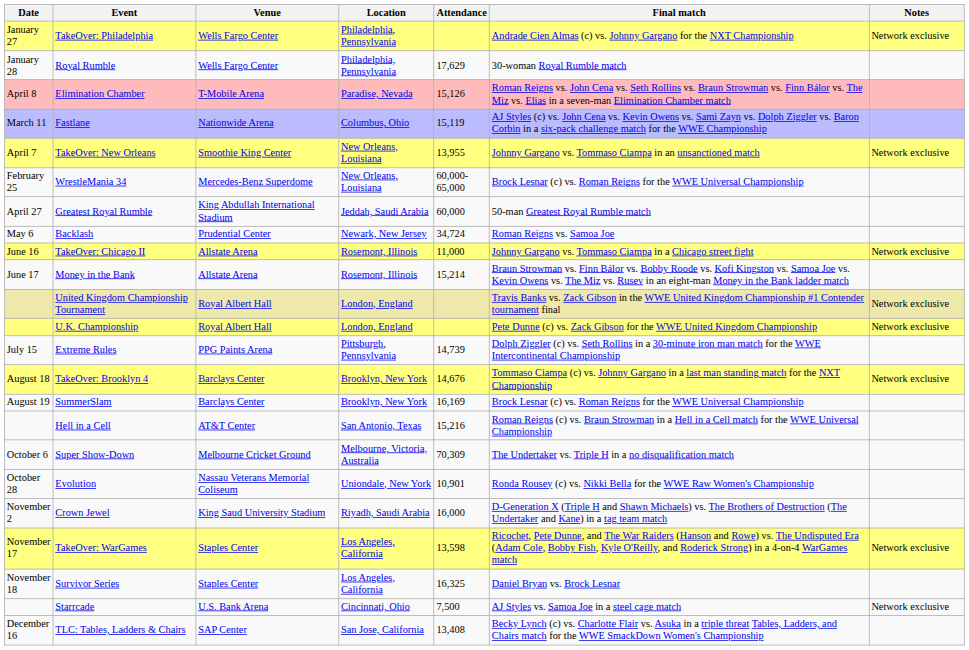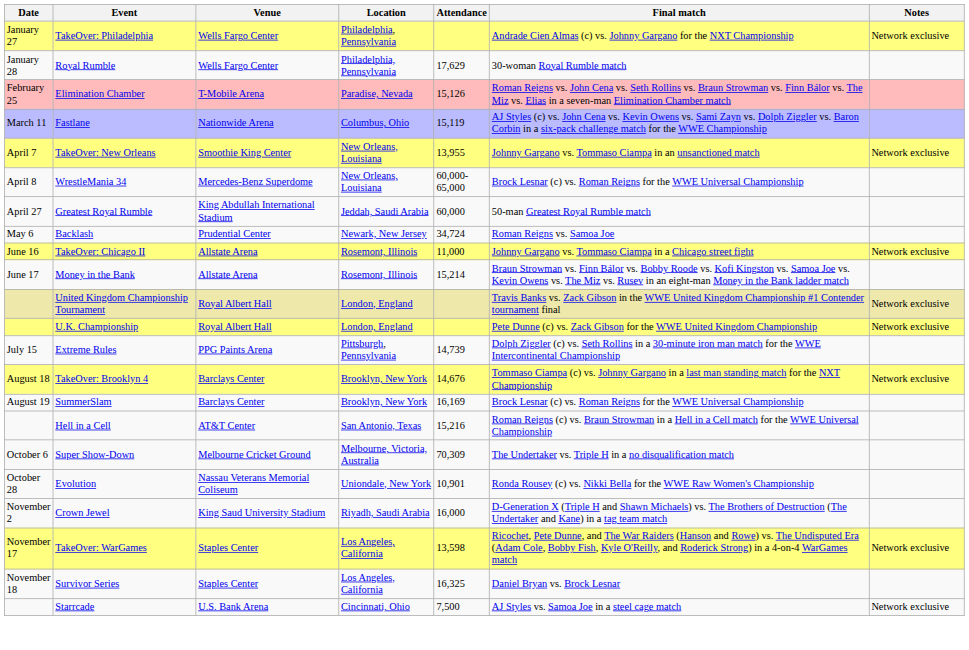 <table id="Past_events_2018" class="sortable wikitable succession-box" style="font-size:85%; width:100%">
 <tr>
 <th scope="col" style="width:5%;">Date</th>
 <th scope="col" style="width:15%;">Event</th>
 <th scope="col" style="width:15%;">Venue</th>
 <th scope="col" style="width:10%;">Location</th>
 <th scope="col" style="width:5%;">Attendance</th>
 <th scope="col" style="width:40%;">Final match</th>
 <th scope="col" style="width:10%;">Notes</th>
 </tr>
 <tr style="background: #FFFF80;">
 <td>January 27</td>
 <td><a href='#'>TakeOver: Philadelphia</a></td>
 <td><a href='#'>Wells Fargo Center</a></td>
 <td><a href='#'>Philadelphia</a>, <a href='#'>Pennsylvania</a></td>
 <td></td>
 <td><a href='#'>Andrade Cien Almas</a> (c) vs. <a href='#'>Johnny Gargano</a> for the <a href='#'>NXT Championship</a></td>
 <td>Network exclusive</td>
 </tr>
 <tr>
 <td>January 28</td>
 <td><a href='#'>Royal Rumble</a></td>
 <td><a href='#'>Wells Fargo Center</a></td>
 <td><a href='#'>Philadelphia, Pennsylvania</a></td>
 <td>17,629</td>
 <td>30-woman <a href='#'>Royal Rumble match</a></td>
 <td></td>
 </tr>
 <tr style="background: #FBB;">
-<td>April 8</td>
+<td>February 25</td>
 <td><a href='#'>Elimination Chamber</a></td>
 <td><a href='#'>T-Mobile Arena</a></td>
 <td><a href='#'>Paradise, Nevada</a></td>
 <td>15,126</td>
 <td><a href='#'>Roman Reigns</a> vs. <a href='#'>John Cena</a> vs. <a href='#'>Seth Rollins</a> vs. <a href='#'>Braun Strowman</a> vs. <a href='#'>Finn Bálor</a> vs. <a href='#'>The Miz</a> vs. <a href='#'>Elias</a> in a seven-man <a href='#'>Elimination Chamber match</a></td>
 <td></td>
 </tr>
 <tr style="background: #BBF;">
 <td>March 11</td>
 <td><a href='#'>Fastlane</a></td>
 <td><a href='#'>Nationwide Arena</a></td>
 <td><a href='#'>Columbus, Ohio</a></td>
 <td>15,119</td>
 <td><a href='#'>AJ Styles</a> (c) vs. <a href='#'>John Cena</a> vs. <a href='#'>Kevin Owens</a> vs. <a href='#'>Sami Zayn</a> vs. <a href='#'>Dolph Ziggler</a> vs. <a href='#'>Baron Corbin</a> in a <a href='#'>six-pack challenge match</a> for the <a href='#'>WWE Championship</a></td>
 <td></td>
 </tr>
 <tr style="background: #FFFF80;">
 <td>April 7</td>
 <td><a href='#'>TakeOver: New Orleans</a></td>
 <td><a href='#'>Smoothie King Center</a></td>
 <td><a href='#'>New Orleans, Louisiana</a></td>
 <td>13,955</td>
 <td><a href='#'>Johnny Gargano</a> vs. <a href='#'>Tommaso Ciampa</a> in an <a href='#'>unsanctioned match</a></td>
 <td>Network exclusive</td>
 </tr>
 <tr>
-<td>February 25</td>
+<td>April 8</td>
 <td><a href='#'>WrestleMania 34</a></td>
 <td><a href='#'>Mercedes-Benz Superdome</a></td>
 <td><a href='#'>New Orleans, Louisiana</a></td>
 <td>60,000-65,000</td>
 <td><a href='#'>Brock Lesnar</a> (c) vs. <a href='#'>Roman Reigns</a> for the <a href='#'>WWE Universal Championship</a></td>
 <td></td>
 </tr>
 <tr>
 <td>April 27</td>
 <td><a href='#'>Greatest Royal Rumble</a></td>
 <td><a href='#'>King Abdullah International Stadium</a></td>
 <td><a href='#'>Jeddah, Saudi Arabia</a></td>
 <td>60,000</td>
 <td>50-man <a href='#'>Greatest Royal Rumble match</a></td>
 <td></td>
 </tr>
 <tr>
 <td>May 6</td>
 <td><a href='#'>Backlash</a></td>
 <td><a href='#'>Prudential Center</a></td>
 <td><a href='#'>Newark, New Jersey</a></td>
 <td>34,724</td>
 <td><a href='#'>Roman Reigns</a> vs. <a href='#'>Samoa Joe</a></td>
 <td></td>
 </tr>
 <tr style="background: #FFFF80;">
 <td>June 16</td>
 <td><a href='#'>TakeOver: Chicago II</a></td>
 <td><a href='#'>Allstate Arena</a></td>
 <td><a href='#'>Rosemont, Illinois</a></td>
 <td>11,000</td>
 <td><a href='#'>Johnny Gargano</a> vs. <a href='#'>Tommaso Ciampa</a> in a <a href='#'>Chicago street fight</a></td>
 <td>Network exclusive</td>
 </tr>
 <tr>
 <td>June 17</td>
 <td><a href='#'>Money in the Bank</a></td>
 <td><a href='#'>Allstate Arena</a></td>
 <td><a href='#'>Rosemont, Illinois</a></td>
 <td>15,214</td>
 <td><a href='#'>Braun Strowman</a> vs. <a href='#'>Finn Bálor</a> vs. <a href='#'>Bobby Roode</a> vs. <a href='#'>Kofi Kingston</a> vs. <a href='#'>Samoa Joe</a> vs. <a href='#'>Kevin Owens</a> vs. <a href='#'>The Miz</a> vs. <a href='#'>Rusev</a> in an eight-man <a href='#'>Money in the Bank ladder match</a></td>
 <td></td>
 </tr>
 <tr style="background: #EEE8AA">
 <td></td>
 <td><a href='#'>United Kingdom Championship Tournament</a></td>
 <td><a href='#'>Royal Albert Hall</a></td>
 <td><a href='#'>London, England</a></td>
 <td></td>
 <td><a href='#'>Travis Banks</a> vs. <a href='#'>Zack Gibson</a> in the <a href='#'>WWE United Kingdom Championship #1 Contender tournament</a> final</td>
 <td>Network exclusive</td>
 </tr>
 <tr style="background: #FFFF80;">
 <td></td>
 <td><a href='#'>U.K. Championship</a></td>
 <td><a href='#'>Royal Albert Hall</a></td>
 <td><a href='#'>London, England</a></td>
 <td></td>
 <td><a href='#'>Pete Dunne</a> (c) vs. <a href='#'>Zack Gibson</a> for the <a href='#'>WWE United Kingdom Championship</a></td>
 <td>Network exclusive</td>
 </tr>
 <tr>
 <td>July 15</td>
 <td><a href='#'>Extreme Rules</a></td>
 <td><a href='#'>PPG Paints Arena</a></td>
 <td><a href='#'>Pittsburgh</a>, <a href='#'>Pennsylvania</a></td>
 <td>14,739</td>
 <td><a href='#'>Dolph Ziggler</a> (c) vs. <a href='#'>Seth Rollins</a> in a <a href='#'>30-minute iron man match</a> for the <a href='#'>WWE Intercontinental Championship</a></td>
 <td></td>
 </tr>
 <tr style="background: #FFFF80;">
 <td>August 18</td>
 <td><a href='#'>TakeOver: Brooklyn 4</a></td>
 <td><a href='#'>Barclays Center</a></td>
 <td><a href='#'>Brooklyn, New York</a></td>
 <td>14,676</td>
 <td><a href='#'>Tommaso Ciampa</a> (c) vs. <a href='#'>Johnny Gargano</a> in a <a href='#'>last man standing match</a> for the <a href='#'>NXT Championship</a></td>
 <td>Network exclusive</td>
 </tr>
 <tr>
 <td>August 19</td>
 <td><a href='#'>SummerSlam</a></td>
 <td><a href='#'>Barclays Center</a></td>
 <td><a href='#'>Brooklyn, New York</a></td>
 <td>16,169</td>
 <td><a href='#'>Brock Lesnar</a> (c) vs. <a href='#'>Roman Reigns</a> for the <a href='#'>WWE Universal Championship</a></td>
 <td></td>
 </tr>
 <tr>
 <td></td>
 <td><a href='#'>Hell in a Cell</a></td>
 <td><a href='#'>AT&T Center</a></td>
 <td><a href='#'>San Antonio, Texas</a></td>
 <td>15,216</td>
 <td><a href='#'>Roman Reigns</a> (c) vs. <a href='#'>Braun Strowman</a> in a <a href='#'>Hell in a Cell match</a> for the <a href='#'>WWE Universal Championship</a></td>
 <td></td>
 </tr>
 <tr>
 <td>October 6</td>
 <td><a href='#'>Super Show-Down</a></td>
 <td><a href='#'>Melbourne Cricket Ground</a></td>
 <td><a href='#'>Melbourne, Victoria, Australia</a></td>
 <td>70,309</td>
 <td><a href='#'>The Undertaker</a> vs. <a href='#'>Triple H</a> in a <a href='#'>no disqualification match</a></td>
 <td></td>
 </tr>
 <tr>
 <td>October 28</td>
 <td><a href='#'>Evolution</a></td>
 <td><a href='#'>Nassau Veterans Memorial Coliseum</a></td>
 <td><a href='#'>Uniondale, New York</a></td>
 <td>10,901</td>
 <td><a href='#'>Ronda Rousey</a> (c) vs. <a href='#'>Nikki Bella</a> for the <a href='#'>WWE Raw Women's Championship</a></td>
 <td></td>
 </tr>
 <tr>
 <td>November 2</td>
 <td><a href='#'>Crown Jewel</a></td>
 <td><a href='#'>King Saud University Stadium</a></td>
 <td><a href='#'>Riyadh, Saudi Arabia</a></td>
 <td>16,000</td>
 <td><a href='#'>D-Generation X</a> (<a href='#'>Triple H</a> and <a href='#'>Shawn Michaels</a>) vs. <a href='#'>The Brothers of Destruction</a> (<a href='#'>The Undertaker</a> and <a href='#'>Kane</a>) in a <a href='#'>tag team match</a></td>
 <td></td>
 </tr>
 <tr style="background: #FFFF80;">
 <td>November 17</td>
 <td><a href='#'>TakeOver: WarGames</a></td>
 <td><a href='#'>Staples Center</a></td>
 <td><a href='#'>Los Angeles, California</a></td>
 <td>13,598</td>
 <td><a href='#'>Ricochet</a>, <a href='#'>Pete Dunne</a>, and <a href='#'>The War Raiders</a> (<a href='#'>Hanson</a> and <a href='#'>Rowe</a>) vs. <a href='#'>The Undisputed Era</a> (<a href='#'>Adam Cole</a>, <a href='#'>Bobby Fish</a>, <a href='#'>Kyle O'Reilly</a>, and <a href='#'>Roderick Strong</a>) in a 4-on-4 <a href='#'>WarGames match</a></td>
 <td>Network exclusive</td>
 </tr>
 <tr>
 <td>November 18</td>
 <td><a href='#'>Survivor Series</a></td>
 <td><a href='#'>Staples Center</a></td>
 <td><a href='#'>Los Angeles, California</a></td>
 <td>16,325</td>
 <td><a href='#'>Daniel Bryan</a> vs. <a href='#'>Brock Lesnar</a></td>
 <td></td>
 </tr>
 <tr>
 <td></td>
 <td><a href='#'>Starrcade</a></td>
 <td><a href='#'>U.S. Bank Arena</a></td>
 <td><a href='#'>Cincinnati, Ohio</a></td>
 <td>7,500</td>
 <td><a href='#'>AJ Styles</a> vs. <a href='#'>Samoa Joe</a> in a <a href='#'>steel cage match</a></td>
 <td>Network exclusive</td>
 </tr>
-<tr>
-<td>December 16</td>
-<td><a href='#'>TLC: Tables, Ladders & Chairs</a></td>
-<td><a href='#'>SAP Center</a></td>
-<td><a href='#'>San Jose, California</a></td>
-<td>13,408</td>
-<td><a href='#'>Becky Lynch</a> (c) vs. <a href='#'>Charlotte Flair</a> vs. <a href='#'>Asuka</a> in a <a href='#'>triple threat</a> <a href='#'>Tables, Ladders, and Chairs match</a> for the <a href='#'>WWE SmackDown Women's Championship</a></td>
-<td></td>
-</tr>
 </table>
